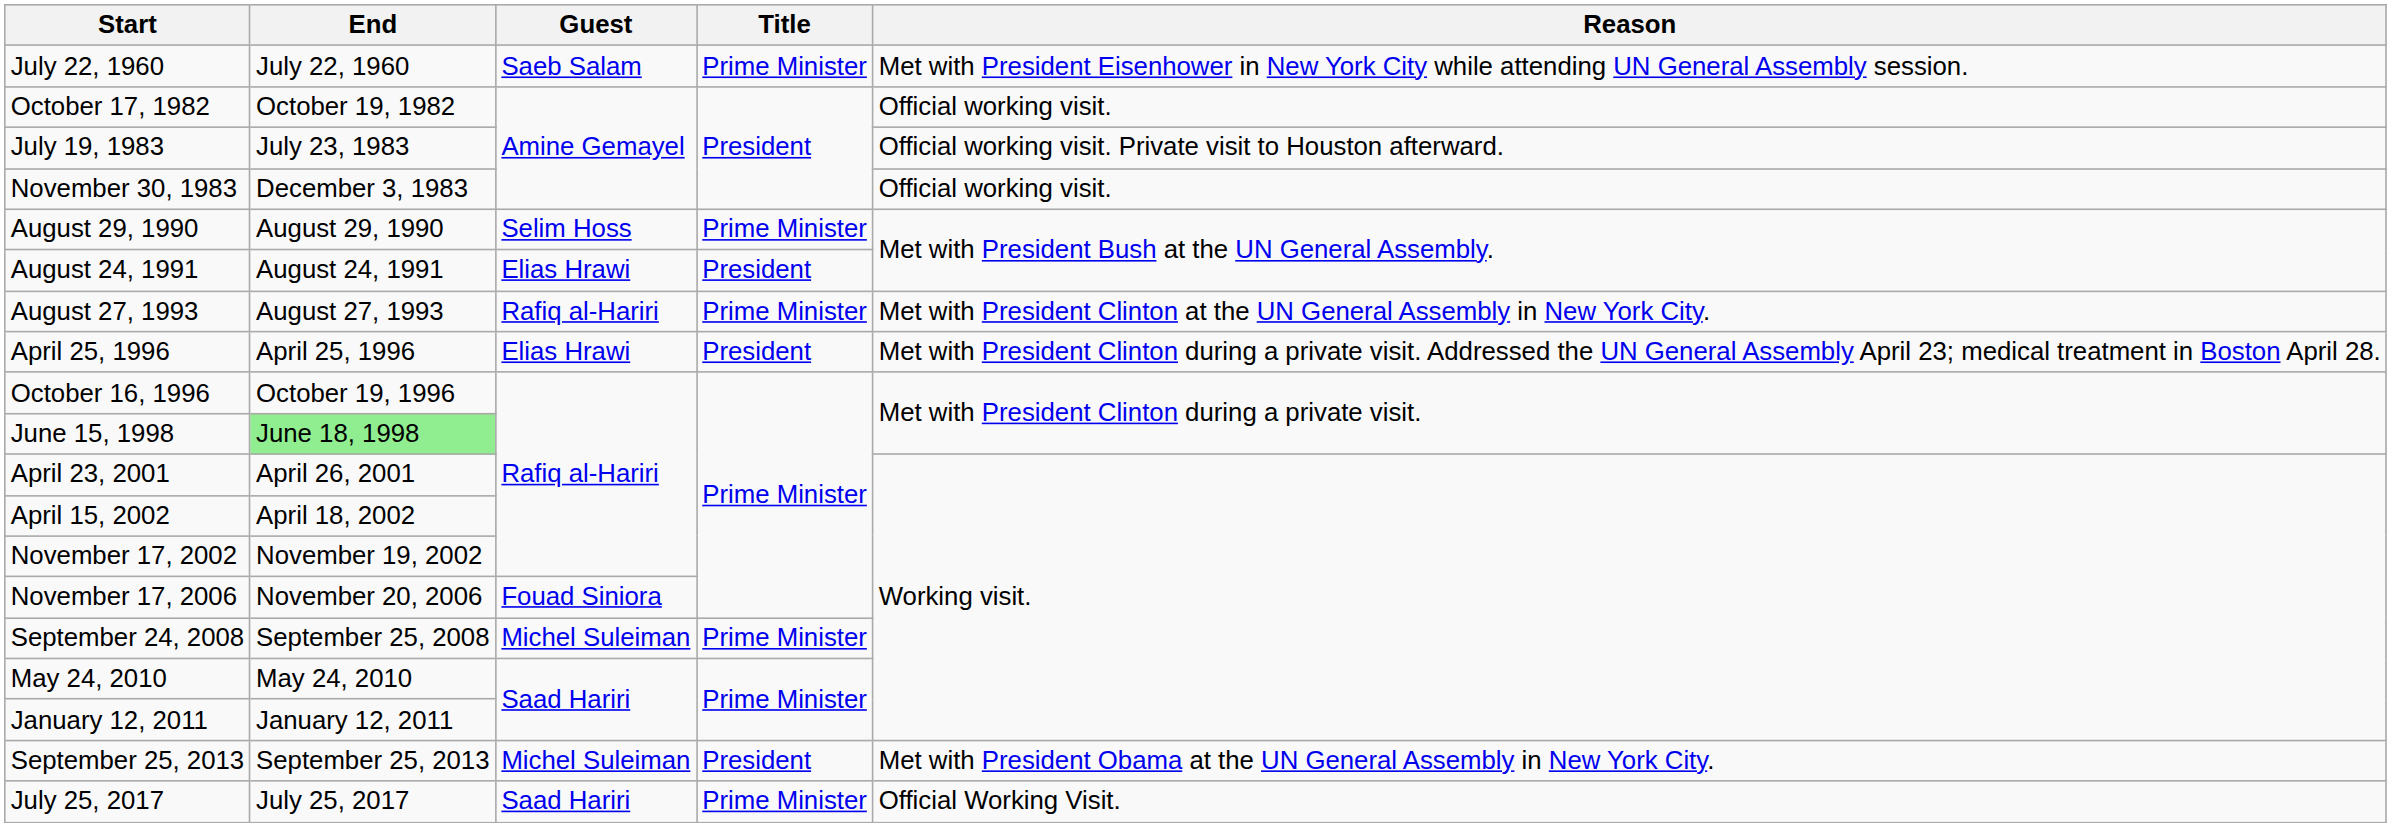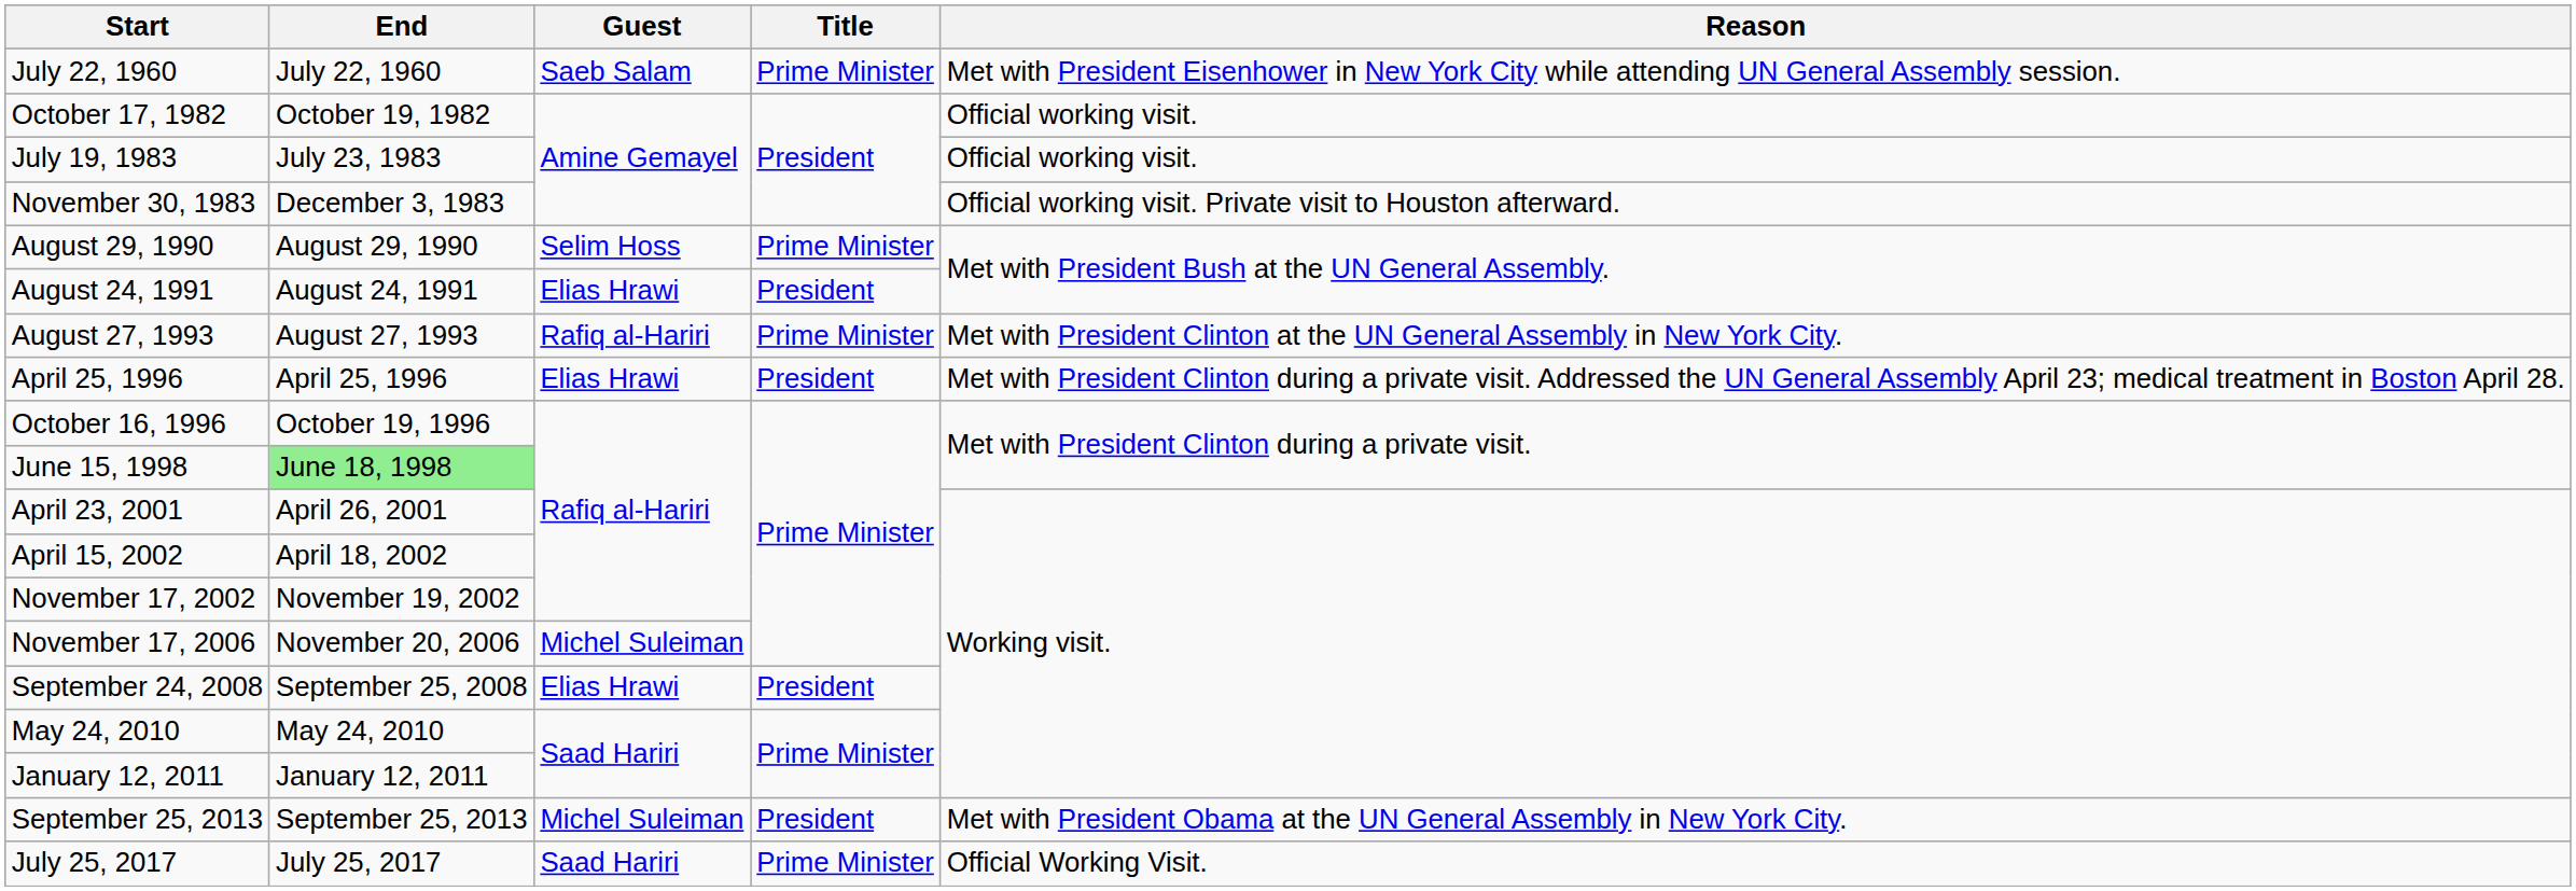 <table class="wikitable sortable">
 <tr>
 <th>Start</th>
 <th>End</th>
 <th>Guest</th>
 <th>Title</th>
 <th>Reason</th>
 </tr>
 <tr>
 <td>July 22, 1960</td>
 <td>July 22, 1960</td>
 <td><a href='#'>Saeb Salam</a></td>
 <td><a href='#'>Prime Minister</a></td>
 <td>Met with <a href='#'>President Eisenhower</a> in <a href='#'>New York City</a> while attending <a href='#'>UN General Assembly</a> session.</td>
 </tr>
 <tr>
 <td>October 17, 1982</td>
 <td>October 19, 1982</td>
 <td rowspan=3><a href='#'>Amine Gemayel</a></td>
 <td rowspan=3><a href='#'>President</a></td>
 <td>Official working visit.</td>
 </tr>
 <tr>
 <td>July 19, 1983</td>
 <td>July 23, 1983</td>
-<td>Official working visit. Private visit to Houston afterward.</td>
+<td>Official working visit.</td>
 </tr>
 <tr>
 <td>November 30, 1983</td>
 <td>December 3, 1983</td>
-<td>Official working visit.</td>
+<td>Official working visit. Private visit to Houston afterward.</td>
 </tr>
 <tr>
 <td>August 29, 1990</td>
 <td>August 29, 1990</td>
 <td><a href='#'>Selim Hoss</a></td>
 <td><a href='#'>Prime Minister</a></td>
 <td rowspan=2>Met with <a href='#'>President Bush</a> at the <a href='#'>UN General Assembly</a>.</td>
 </tr>
 <tr>
 <td>August 24, 1991</td>
 <td>August 24, 1991</td>
 <td><a href='#'>Elias Hrawi</a></td>
 <td><a href='#'>President</a></td>
 </tr>
 <tr>
 <td>August 27, 1993</td>
 <td>August 27, 1993</td>
 <td><a href='#'>Rafiq al-Hariri</a></td>
 <td><a href='#'>Prime Minister</a></td>
 <td>Met with <a href='#'>President Clinton</a> at the <a href='#'>UN General Assembly</a> in <a href='#'>New York City</a>.</td>
 </tr>
 <tr>
 <td>April 25, 1996</td>
 <td>April 25, 1996</td>
 <td><a href='#'>Elias Hrawi</a></td>
 <td><a href='#'>President</a></td>
 <td>Met with <a href='#'>President Clinton</a> during a private visit. Addressed the <a href='#'>UN General Assembly</a> April 23; medical treatment in <a href='#'>Boston</a> April 28.</td>
 </tr>
 <tr>
 <td>October 16, 1996</td>
 <td>October 19, 1996</td>
 <td rowspan=5><a href='#'>Rafiq al-Hariri</a></td>
 <td rowspan=6><a href='#'>Prime Minister</a></td>
 <td rowspan=2>Met with <a href='#'>President Clinton</a> during a private visit.</td>
 </tr>
 <tr>
 <td>June 15, 1998</td>
 <td style="background: lightgreen;">June 18, 1998</td>
 </tr>
 <tr>
 <td>April 23, 2001</td>
 <td>April 26, 2001</td>
 <td rowspan=7>Working visit.</td>
 </tr>
 <tr>
 <td>April 15, 2002</td>
 <td>April 18, 2002</td>
 </tr>
 <tr>
 <td>November 17, 2002</td>
 <td>November 19, 2002</td>
 </tr>
 <tr>
 <td>November 17, 2006</td>
 <td>November 20, 2006</td>
-<td><a href='#'>Fouad Siniora</a></td>
+<td><a href='#'>Michel Suleiman</a></td>
 </tr>
 <tr>
 <td>September 24, 2008</td>
 <td>September 25, 2008</td>
-<td><a href='#'>Michel Suleiman</a></td>
-<td><a href='#'>Prime Minister</a></td>
+<td><a href='#'>Elias Hrawi</a></td>
+<td><a href='#'>President</a></td>
 </tr>
 <tr>
 <td>May 24, 2010</td>
 <td>May 24, 2010</td>
 <td rowspan=2><a href='#'>Saad Hariri</a></td>
 <td rowspan=2><a href='#'>Prime Minister</a></td>
 </tr>
 <tr>
 <td>January 12, 2011</td>
 <td>January 12, 2011</td>
 </tr>
 <tr>
 <td>September 25, 2013</td>
 <td>September 25, 2013</td>
 <td><a href='#'>Michel Suleiman</a></td>
 <td><a href='#'>President</a></td>
 <td>Met with <a href='#'>President Obama</a> at the <a href='#'>UN General Assembly</a> in <a href='#'>New York City</a>.</td>
 </tr>
 <tr>
 <td>July 25, 2017</td>
 <td>July 25, 2017</td>
 <td><a href='#'>Saad Hariri</a></td>
 <td><a href='#'>Prime Minister</a></td>
 <td>Official Working Visit.</td>
 </tr>
 </table>
